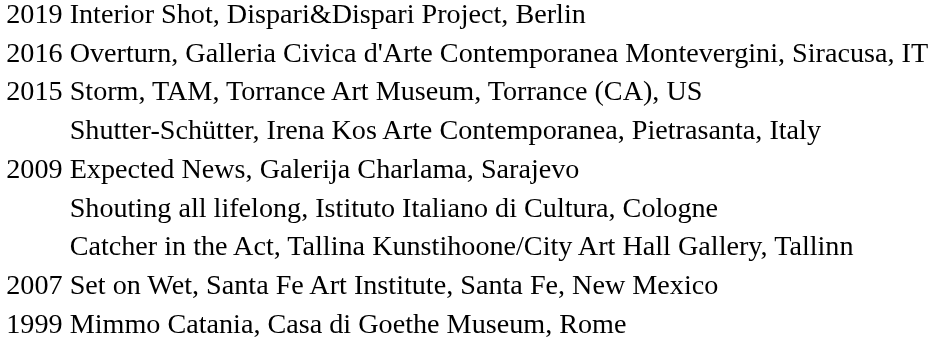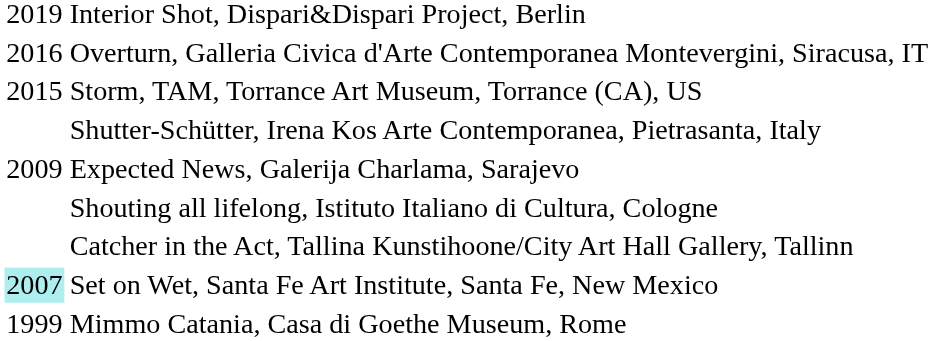 <table>
 <tr>
 <td>2019</td>
 <td>Interior Shot, Dispari&Dispari Project, Berlin</td>
 </tr>
 <tr>
 <td>2016</td>
 <td>Overturn, Galleria Civica d'Arte Contemporanea Montevergini, Siracusa, IT</td>
 </tr>
 <tr>
 <td>2015</td>
 <td>Storm, TAM, Torrance Art Museum, Torrance (CA), US</td>
 </tr>
 <tr>
 <td></td>
 <td>Shutter-Schütter, Irena Kos Arte Contemporanea, Pietrasanta, Italy</td>
 </tr>
 <tr>
 <td>2009</td>
 <td>Expected News, Galerija Charlama, Sarajevo</td>
 </tr>
 <tr>
 <td></td>
 <td>Shouting all lifelong, Istituto Italiano di Cultura, Cologne</td>
 </tr>
 <tr>
 <td></td>
 <td>Catcher in the Act, Tallina Kunstihoone/City Art Hall Gallery, Tallinn</td>
 </tr>
 <tr>
-<td>2007</td>
+<td style="background: paleturquoise;">2007</td>
 <td>Set on Wet, Santa Fe Art Institute, Santa Fe, New Mexico</td>
 </tr>
 <tr>
 <td>1999</td>
 <td>Mimmo Catania, Casa di Goethe Museum, Rome</td>
 </tr>
 </table>
